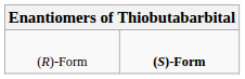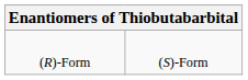 <table class="wikitable" style="text-align:center">
 <tr class="hintergrundfarbe6">
 <th colspan="2">Enantiomers of Thiobutabarbital</th>
 </tr>
 <tr>
 <td><br><small> (<em>R</em>)-Form</small></td>
-<td><strong><br><small> (<em>S</em>)-Form</small></strong></td>
+<td><br><small> (<em>S</em>)-Form</small></td>
 </tr>
 </table>
